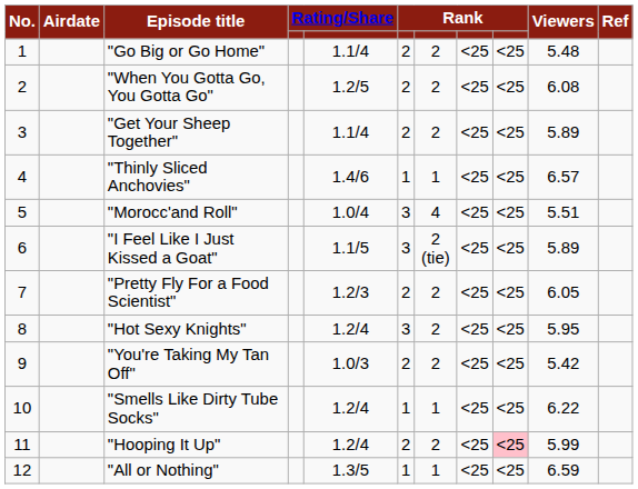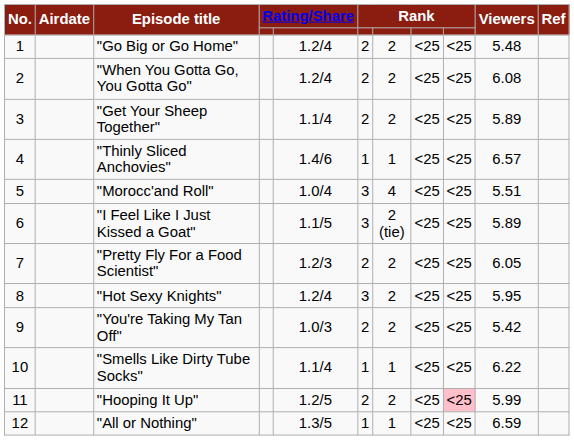 <table class="wikitable" style="text-align:center">
 <tr>
 <th style="background:#8b1c10; color:white;" rowspan="2">No.</th>
 <th style="background:#8b1c10; color:white;" rowspan="2">Airdate</th>
 <th style="background:#8b1c10; color:white;" rowspan="2">Episode title</th>
 <th style="background:#8b1c10; color:white;"  colspan=2><a href='#'><span>Rating/Share</span></a></th>
 <th style="background:#8b1c10; color:white;" colspan=4>Rank</th>
 <th style="background:#8b1c10; color:white;" rowspan="2">Viewers<br></th>
 <th style="background:#8b1c10; color:white;" rowspan="2">Ref</th>
 </tr>
 <tr class="sorttop">
 <th style="background:#8b1c10; color:white;"></th>
 <th style="background:#8b1c10; color:white;"></th>
 <th style="background:#8b1c10; color:white;"></th>
 <th style="background:#8b1c10; color:white;"></th>
 <th style="background:#8b1c10; color:white;"></th>
 <th style="background:#8b1c10; color:white;"></th>
 </tr>
 <tr>
 <td>1</td>
 <td style="text-align:left;"></td>
 <td style="text-align:left;">"Go Big or Go Home"</td>
 <td></td>
-<td>1.1/4</td>
+<td>1.2/4</td>
 <td>2</td>
 <td>2</td>
 <td><25</td>
 <td><25</td>
 <td>5.48</td>
 <td></td>
 </tr>
 <tr>
 <td>2</td>
 <td style="text-align:left;"></td>
 <td style="text-align:left;">"When You Gotta Go, You Gotta Go"</td>
 <td></td>
-<td>1.2/5</td>
+<td>1.2/4</td>
 <td>2</td>
 <td>2</td>
 <td><25</td>
 <td><25</td>
 <td>6.08</td>
 <td></td>
 </tr>
 <tr>
 <td>3</td>
 <td style="text-align:left;"></td>
 <td style="text-align:left;">"Get Your Sheep Together"</td>
 <td></td>
 <td>1.1/4</td>
 <td>2</td>
 <td>2</td>
 <td><25</td>
 <td><25</td>
 <td>5.89</td>
 <td></td>
 </tr>
 <tr>
 <td>4</td>
 <td style="text-align:left;"></td>
 <td style="text-align:left;">"Thinly Sliced Anchovies"</td>
 <td></td>
 <td>1.4/6</td>
 <td>1</td>
 <td>1</td>
 <td><25</td>
 <td><25</td>
 <td>6.57</td>
 <td></td>
 </tr>
 <tr>
 <td>5</td>
 <td style="text-align:left;"></td>
 <td style="text-align:left;">"Morocc'and Roll"</td>
 <td></td>
 <td>1.0/4</td>
 <td>3</td>
 <td>4</td>
 <td><25</td>
 <td><25</td>
 <td>5.51</td>
 <td></td>
 </tr>
 <tr>
 <td>6</td>
 <td style="text-align:left;"></td>
 <td style="text-align:left;">"I Feel Like I Just Kissed a Goat"</td>
 <td></td>
 <td>1.1/5</td>
 <td>3</td>
 <td>2 (tie)</td>
 <td><25</td>
 <td><25</td>
 <td>5.89</td>
 <td></td>
 </tr>
 <tr>
 <td>7</td>
 <td style="text-align:left;"></td>
 <td style="text-align:left;">"Pretty Fly For a Food Scientist"</td>
 <td></td>
 <td>1.2/3</td>
 <td>2</td>
 <td>2</td>
 <td><25</td>
 <td><25</td>
 <td>6.05</td>
 <td></td>
 </tr>
 <tr>
 <td>8</td>
 <td style="text-align:left;"></td>
 <td style="text-align:left;">"Hot Sexy Knights"</td>
 <td></td>
 <td>1.2/4</td>
 <td>3</td>
 <td>2</td>
 <td><25</td>
 <td><25</td>
 <td>5.95</td>
 <td></td>
 </tr>
 <tr>
 <td>9</td>
 <td style="text-align:left;"></td>
 <td style="text-align:left;">"You're Taking My Tan Off"</td>
 <td></td>
 <td>1.0/3</td>
 <td>2</td>
 <td>2</td>
 <td><25</td>
 <td><25</td>
 <td>5.42</td>
 <td></td>
 </tr>
 <tr>
 <td>10</td>
 <td style="text-align:left;"></td>
 <td style="text-align:left;">"Smells Like Dirty Tube Socks"</td>
 <td></td>
-<td>1.2/4</td>
+<td>1.1/4</td>
 <td>1</td>
 <td>1</td>
 <td><25</td>
 <td><25</td>
 <td>6.22</td>
 <td></td>
 </tr>
 <tr>
 <td>11</td>
 <td style="text-align:left;"></td>
 <td style="text-align:left;">"Hooping It Up"</td>
 <td></td>
-<td>1.2/4</td>
+<td>1.2/5</td>
 <td>2</td>
 <td>2</td>
 <td><25</td>
 <td style="background: pink;"><25</td>
 <td>5.99</td>
 <td></td>
 </tr>
 <tr>
 <td>12</td>
 <td style="text-align:left;"></td>
 <td style="text-align:left;">"All or Nothing"</td>
 <td></td>
 <td>1.3/5</td>
 <td>1</td>
 <td>1</td>
 <td><25</td>
 <td><25</td>
 <td>6.59</td>
 <td></td>
 </tr>
 </table>
